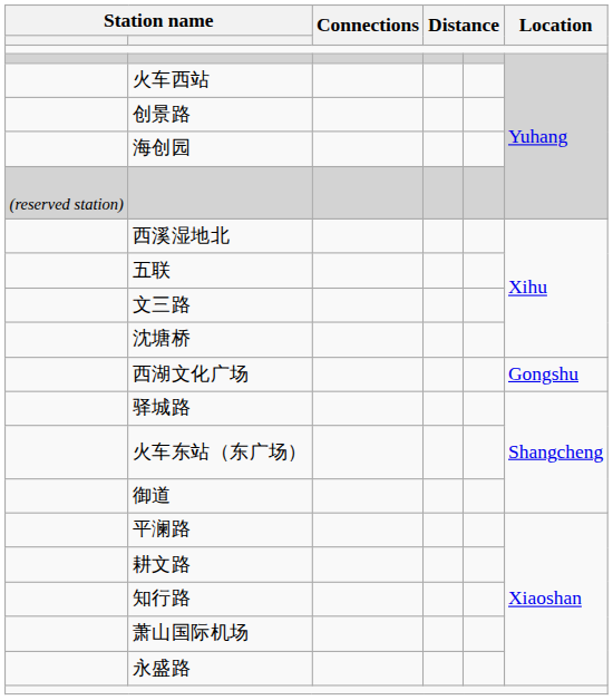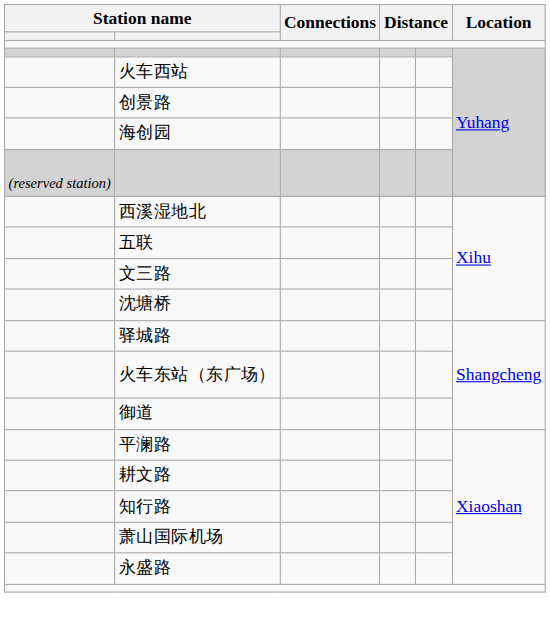 <table class="wikitable">
 <tr>
 <th colspan="2">Station name</th>
 <th rowspan="2">Connections</th>
 <th colspan="2" rowspan="2">Distance<br></th>
 <th rowspan="2">Location</th>
 </tr>
 <tr>
 <th></th>
 <th></th>
 </tr>
 <tr style="background:#">
 <td colspan="6"></td>
 </tr>
 <tr bgcolor="lightgrey">
 <td><em></em></td>
 <td></td>
 <td></td>
 <td></td>
 <td></td>
 <td rowspan="5"><a href='#'>Yuhang</a></td>
 </tr>
 <tr>
 <td></td>
 <td><span>火车西站</span></td>
 <td> </td>
 <td></td>
 <td></td>
 </tr>
 <tr>
 <td></td>
 <td><span>创景路</span></td>
 <td></td>
 <td></td>
 <td></td>
 </tr>
 <tr>
 <td></td>
 <td><span>海创园</span></td>
 <td></td>
 <td></td>
 <td></td>
 </tr>
 <tr bgcolor="lightgrey">
 <td><em></em><br><small><em>(reserved station)</em></small></td>
 <td></td>
 <td></td>
 <td></td>
 <td></td>
 </tr>
 <tr>
 <td></td>
 <td><span>西溪湿地北</span></td>
 <td></td>
 <td></td>
 <td></td>
 <td rowspan="4"><a href='#'>Xihu</a></td>
 </tr>
 <tr>
 <td></td>
 <td><span>五联</span></td>
 <td></td>
 <td></td>
 <td></td>
 </tr>
 <tr>
 <td></td>
 <td><span>文三路</span></td>
 <td></td>
 <td></td>
 <td></td>
 </tr>
 <tr>
 <td></td>
 <td><span>沈塘桥</span></td>
 <td></td>
 <td></td>
 <td></td>
 </tr>
 <tr>
 <td></td>
-<td><span>西湖文化广场</span></td>
-<td> </td>
-<td></td>
-<td></td>
-<td><a href='#'>Gongshu</a></td>
-</tr>
-<tr>
-<td></td>
 <td><span>驿城路</span></td>
 <td></td>
 <td></td>
 <td></td>
 <td rowspan="3"><a href='#'>Shangcheng</a></td>
 </tr>
 <tr>
 <td></td>
 <td><span>火车东站（东广场）</span></td>
 <td> <br>    <br> </td>
 <td></td>
 <td></td>
 </tr>
 <tr>
 <td></td>
 <td><span>御道</span></td>
 <td></td>
 <td></td>
 <td></td>
 </tr>
 <tr>
 <td></td>
 <td><span>平澜路</span></td>
 <td></td>
 <td></td>
 <td></td>
 <td rowspan="5"><a href='#'>Xiaoshan</a></td>
 </tr>
 <tr>
 <td></td>
 <td><span>耕文路</span></td>
 <td></td>
 <td></td>
 <td></td>
 </tr>
 <tr>
 <td></td>
 <td><span>知行路</span></td>
 <td></td>
 <td></td>
 <td></td>
 </tr>
 <tr>
 <td></td>
 <td><span>萧山国际机场</span></td>
 <td>   </td>
 <td></td>
 <td></td>
 </tr>
 <tr>
 <td></td>
 <td><span>永盛路</span></td>
 <td></td>
 <td></td>
 <td></td>
 </tr>
 <tr style="background:#">
 <td colspan="6"></td>
 </tr>
 </table>
